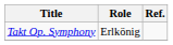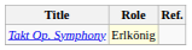 <table class="wikitable">
 <tr>
 <th>Title</th>
 <th>Role</th>
 <th>Ref.</th>
 </tr>
 <tr>
 <td><em><a href='#'>Takt Op. Symphony</a></em></td>
-<td>Erlkönig</td>
+<td style="background: lightyellow;">Erlkönig</td>
 <td></td>
 </tr>
 <tr>
 </tr>
 </table>
